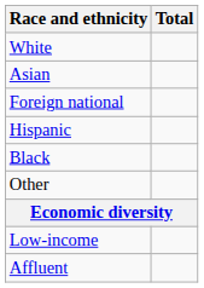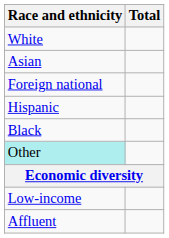 <table class="wikitable floatright sortable collapsible"; text-align:right; font-size:80%;">
 <tr>
 <th>Race and ethnicity</th>
 <th colspan="2" data-sort-type=number>Total</th>
 </tr>
 <tr>
 <td><a href='#'>White</a></td>
 <td align=right></td>
 </tr>
 <tr>
 <td><a href='#'>Asian</a></td>
 <td align=right></td>
 </tr>
 <tr>
 <td><a href='#'>Foreign national</a></td>
 <td align=right></td>
 </tr>
 <tr>
 <td><a href='#'>Hispanic</a></td>
 <td align=right></td>
 </tr>
 <tr>
 <td><a href='#'>Black</a></td>
 <td align=right></td>
 </tr>
 <tr>
-<td>Other</td>
+<td style="background: paleturquoise;">Other</td>
 <td align=right></td>
 </tr>
 <tr>
 <th colspan="4" data-sort-type=number><a href='#'>Economic diversity</a></th>
 </tr>
 <tr>
 <td><a href='#'>Low-income</a></td>
 <td align=right></td>
 </tr>
 <tr>
 <td><a href='#'>Affluent</a></td>
 <td align=right></td>
 </tr>
 </table>
